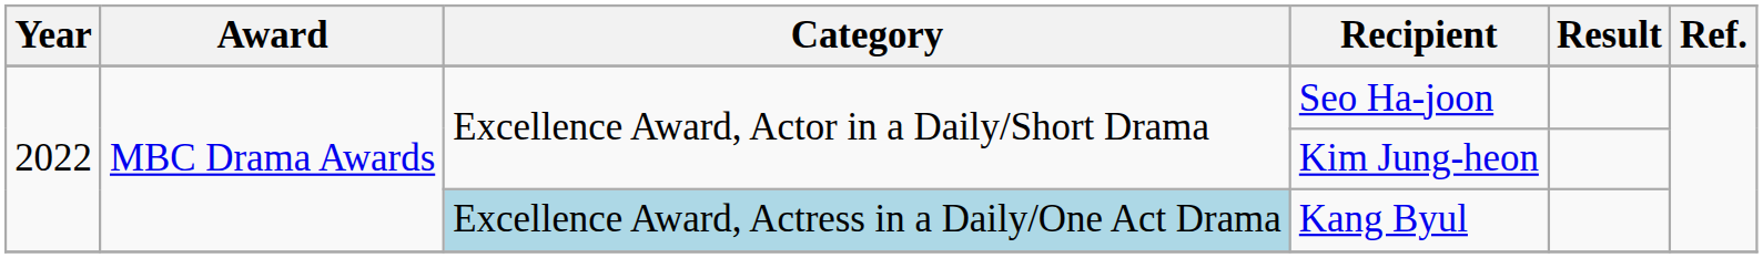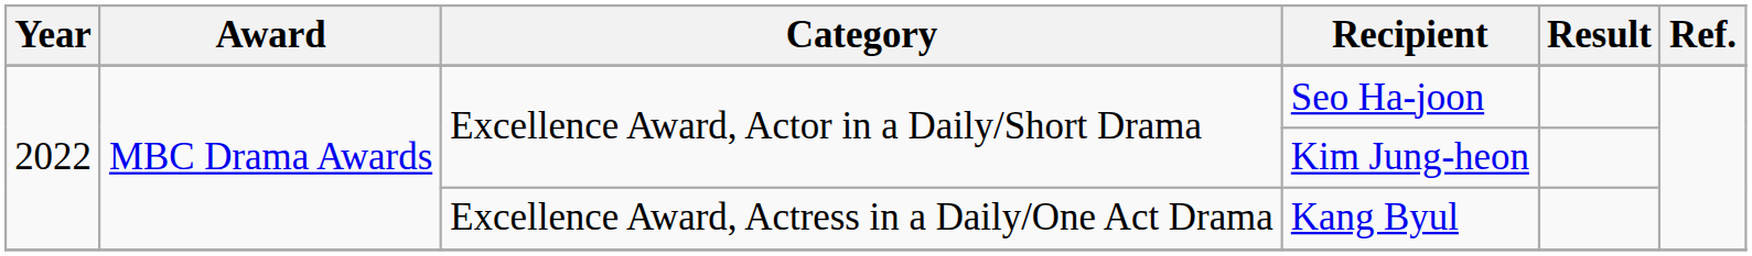 <table class="wikitable">
 <tr>
 <th>Year</th>
 <th>Award</th>
 <th>Category</th>
 <th>Recipient</th>
 <th>Result</th>
 <th>Ref.</th>
 </tr>
 <tr>
 </tr>
 <tr>
 <td rowspan=3>2022</td>
 <td rowspan=3><a href='#'>MBC Drama Awards</a></td>
 <td rowspan=2>Excellence Award, Actor in a Daily/Short Drama</td>
 <td><a href='#'>Seo Ha-joon</a></td>
 <td></td>
 <td style="text-align:center" rowspan=3></td>
 </tr>
 <tr>
 <td><a href='#'>Kim Jung-heon</a></td>
 <td></td>
 </tr>
 <tr>
-<td style="background: lightblue;">Excellence Award, Actress in a Daily/One Act Drama</td>
+<td>Excellence Award, Actress in a Daily/One Act Drama</td>
 <td><a href='#'>Kang Byul</a></td>
 <td></td>
 </tr>
 <tr>
 </tr>
 </table>
